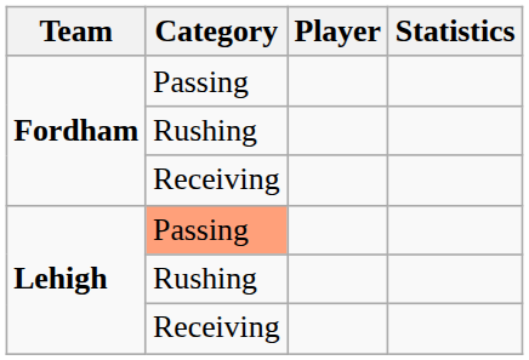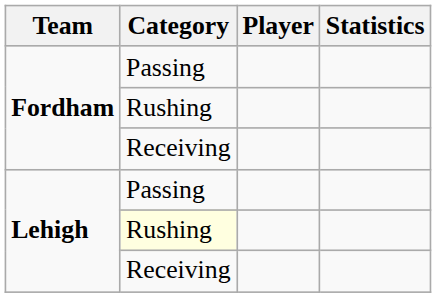 <table class="wikitable" style="float: right;">
 <tr>
 <th>Team</th>
 <th>Category</th>
 <th>Player</th>
 <th>Statistics</th>
 </tr>
 <tr>
 <td rowspan=3><strong>Fordham</strong></td>
 <td>Passing</td>
 <td></td>
 <td></td>
 </tr>
 <tr>
 <td>Rushing</td>
 <td></td>
 <td></td>
 </tr>
 <tr>
 <td>Receiving</td>
 <td></td>
 <td></td>
 </tr>
 <tr>
 <td rowspan=3><strong>Lehigh</strong></td>
-<td style="background: lightsalmon;">Passing</td>
+<td>Passing</td>
 <td></td>
 <td></td>
 </tr>
 <tr>
-<td>Rushing</td>
+<td style="background: lightyellow;">Rushing</td>
 <td></td>
 <td></td>
 </tr>
 <tr>
 <td>Receiving</td>
 <td></td>
 <td></td>
 </tr>
 </table>
